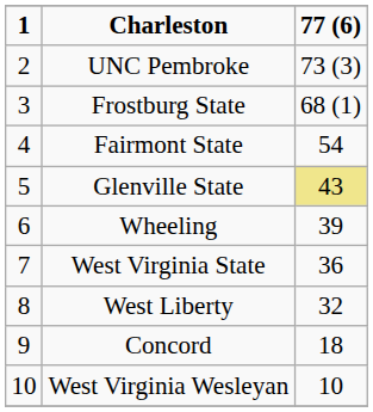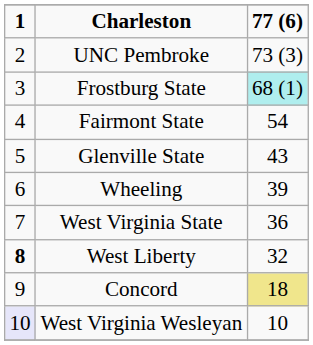 <table class="wikitable" style="display: inline-table;">
 <tr align="center">
 </tr>
 <tr align="center">
 <td><strong>1</strong></td>
 <td><strong>Charleston</strong></td>
 <td><strong>77 (6)</strong></td>
 </tr>
 <tr align="center">
 <td>2</td>
 <td>UNC Pembroke</td>
 <td>73 (3)</td>
 </tr>
 <tr align="center">
 <td>3</td>
 <td>Frostburg State</td>
-<td>68 (1)</td>
+<td style="background: paleturquoise;">68 (1)</td>
 </tr>
 <tr align="center">
 <td>4</td>
 <td>Fairmont State</td>
 <td>54</td>
 </tr>
 <tr align="center">
 <td>5</td>
 <td>Glenville State</td>
-<td style="background: khaki;">43</td>
+<td>43</td>
 </tr>
 <tr align="center">
 <td>6</td>
 <td>Wheeling</td>
 <td>39</td>
 </tr>
 <tr align="center">
 <td>7</td>
 <td>West Virginia State</td>
 <td>36</td>
 </tr>
 <tr align="center">
-<td>8</td>
+<td><strong>8</strong></td>
 <td>West Liberty</td>
 <td>32</td>
 </tr>
 <tr align="center">
 <td>9</td>
 <td>Concord</td>
-<td>18</td>
+<td style="background: khaki;">18</td>
 </tr>
 <tr align="center">
-<td>10</td>
+<td style="background: lavender;">10</td>
 <td>West Virginia Wesleyan</td>
 <td>10</td>
 </tr>
 <tr align="center">
 </tr>
 </table>
